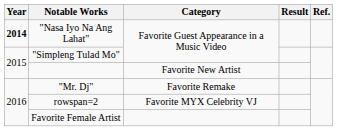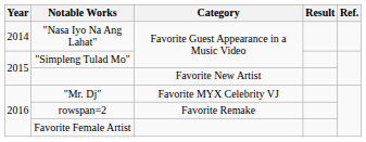 <table class="wikitable sortable"  style="text-align:center; width:60%;">
 <tr>
 <th>Year</th>
 <th>Notable Works</th>
 <th>Category</th>
 <th>Result</th>
 <th>Ref.</th>
 </tr>
 <tr>
-<td><strong>2014</strong></td>
+<td>2014</td>
 <td>"Nasa Iyo Na Ang Lahat"</td>
 <td rowspan=2>Favorite Guest Appearance in a Music Video</td>
 <td></td>
 <td></td>
 </tr>
 <tr>
 <td rowspan=2>2015</td>
 <td>"Simpleng Tulad Mo"</td>
 <td></td>
 <td rowspan=2></td>
 </tr>
 <tr>
 <td></td>
 <td>Favorite New Artist</td>
 <td></td>
 </tr>
 <tr>
 <td rowspan=3>2016</td>
 <td>"Mr. Dj"</td>
-<td>Favorite Remake</td>
+<td>Favorite MYX Celebrity VJ</td>
 <td></td>
 <td rowspan=3></td>
 </tr>
 <tr>
 <td>rowspan=2 </td>
-<td>Favorite MYX Celebrity VJ</td>
+<td>Favorite Remake</td>
 <td></td>
 </tr>
 <tr>
 <td>Favorite Female Artist</td>
 <td></td>
 </tr>
 </table>
